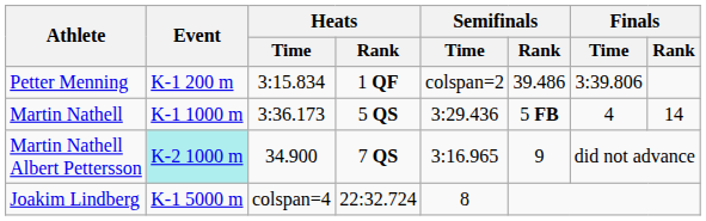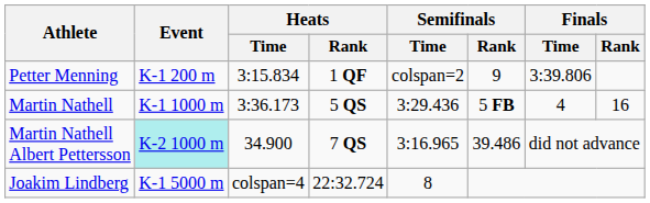 <table class="wikitable" style="font-size:90%">
 <tr>
 <th rowspan="2">Athlete</th>
 <th rowspan="2">Event</th>
 <th colspan=2>Heats</th>
 <th colspan=2>Semifinals</th>
 <th colspan=2>Finals</th>
 </tr>
 <tr style="font-size:95%">
 <th>Time</th>
 <th>Rank</th>
 <th>Time</th>
 <th>Rank</th>
 <th>Time</th>
 <th>Rank</th>
 </tr>
 <tr align=center>
 <td align=left><a href='#'>Petter Menning</a></td>
 <td align=left><a href='#'>K-1 200 m</a></td>
 <td>3:15.834</td>
 <td>1 <strong>QF</strong></td>
 <td>colspan=2 </td>
-<td>39.486</td>
+<td>9</td>
 <td>3:39.806</td>
 </tr>
 <tr align=center>
 <td align=left><a href='#'>Martin Nathell</a></td>
 <td align=left><a href='#'>K-1 1000 m</a></td>
 <td>3:36.173</td>
 <td>5 <strong>QS</strong></td>
 <td>3:29.436</td>
 <td>5 <strong>FB</strong></td>
 <td>4</td>
-<td>14</td>
+<td>16</td>
 </tr>
 <tr align=center>
 <td align=left><a href='#'>Martin Nathell</a><br><a href='#'>Albert Pettersson</a></td>
 <td align=left style="background: paleturquoise;"><a href='#'>K-2 1000 m</a></td>
 <td>34.900</td>
 <td>7 <strong>QS</strong></td>
 <td>3:16.965</td>
-<td>9</td>
+<td>39.486</td>
 <td colspan=2>did not advance</td>
 </tr>
 <tr align=center>
 <td align=left><a href='#'>Joakim Lindberg</a></td>
 <td align=left><a href='#'>K-1 5000 m</a></td>
 <td>colspan=4 </td>
 <td>22:32.724</td>
 <td>8</td>
 </tr>
 </table>
